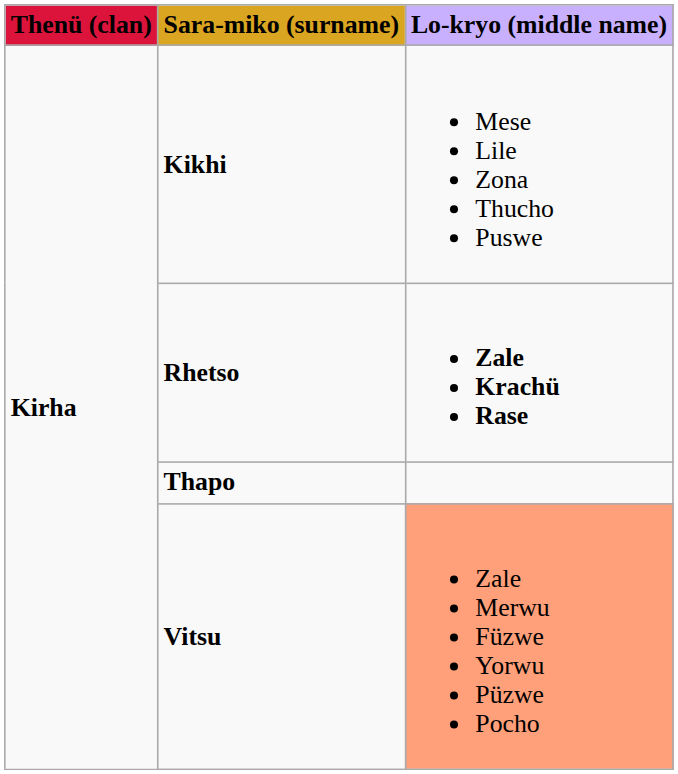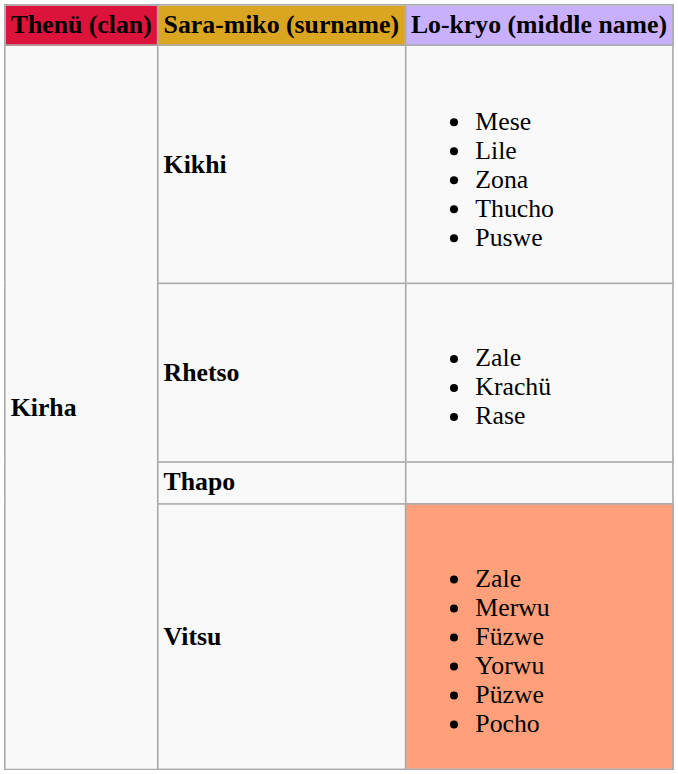 <table class="wikitable sortable">
 <tr>
 <th style="background-color:crimson"><strong>Thenü (clan)</strong></th>
 <th style="background-color:#DAA520"><strong>Sara-miko</strong> (surname)</th>
 <th style="background-color:#c8b0ff"><strong>Lo-kryo</strong> (middle name)</th>
 </tr>
 <tr>
 <td rowspan=5><strong>Kirha</strong></td>
 <td><strong>Kikhi</strong></td>
 <td><br><ul><li>Mese</li><li>Lile</li><li>Zona</li><li>Thucho</li><li>Puswe</li></ul></td>
 </tr>
 <tr>
 <td><strong>Rhetso</strong></td>
-<td><strong><br><ul><li>Zale</li><li>Krachü</li><li>Rase</li></ul></strong></td>
+<td><br><ul><li>Zale</li><li>Krachü</li><li>Rase</li></ul></td>
 </tr>
 <tr>
 <td><strong>Thapo</strong></td>
 <td></td>
 </tr>
 <tr>
 <td><strong>Vitsu</strong></td>
 <td style="background: lightsalmon;"><br><ul><li>Zale</li><li>Merwu</li><li>Füzwe</li><li>Yorwu</li><li>Püzwe</li><li>Pocho</li></ul></td>
 </tr>
 <tr>
 </tr>
 </table>
